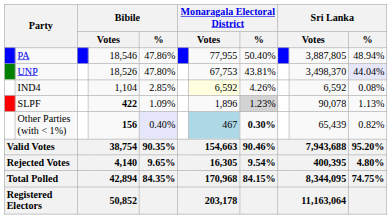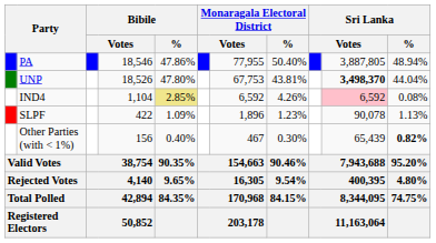 <table class="wikitable">
 <tr>
 <th colspan="2" width="144px"rowspan="2">Party</th>
 <th colspan="3" width="216px">Bibile</th>
 <th colspan="3" width="216px"><a href='#'>Monaragala Electoral District</a></th>
 <th colspan="3" width="216px">Sri Lanka</th>
 </tr>
 <tr>
 <th colspan="2" width="144px">Votes</th>
 <th>%</th>
 <th colspan="2" width="144px">Votes</th>
 <th>%</th>
 <th colspan="2" width="144px">Votes</th>
 <th>%</th>
 </tr>
 <tr>
 <td style="background-color:blue;" width="10px"></td>
 <td style="text-align:left;"><a href='#'>PA</a></td>
 <td style="background-color:blue;" width="10px"></td>
 <td style="text-align:right;">18,546</td>
 <td style="text-align:right;">47.86%</td>
 <td style="background-color:blue;" width="10px"></td>
 <td style="text-align:right;">77,955</td>
 <td style="text-align:right;">50.40%</td>
 <td style="background-color:blue;" width="10px"></td>
 <td style="text-align:right;">3,887,805</td>
 <td style="text-align:right;">48.94%</td>
 </tr>
 <tr>
 <td style="background-color:green;" width="10px"></td>
 <td style="text-align:left;"><a href='#'>UNP</a></td>
 <td style="background-color:white;" width="10px"></td>
 <td style="text-align:right;">18,526</td>
 <td style="text-align:right;">47.80%</td>
 <td style="background-color:white;" width="10px"></td>
 <td style="text-align:right;">67,753</td>
 <td style="text-align:right;">43.81%</td>
 <td style="background-color:white;" width="10px"></td>
-<td style="text-align:right;">3,498,370</td>
-<td style="background: lavender; text-align:right;">44.04%</td>
+<td style="text-align:right;"><strong>3,498,370</strong></td>
+<td style="text-align:right;">44.04%</td>
 </tr>
 <tr>
 <td style="background-color:white;" width="10px"></td>
 <td style="text-align:left;">IND4</td>
 <td style="background-color:white;" width="10px"></td>
 <td style="text-align:right;">1,104</td>
-<td style="text-align:right;">2.85%</td>
+<td style="background: khaki; text-align:right;">2.85%</td>
 <td style="background-color:white;" width="10px"></td>
-<td style="background: lightyellow; text-align:right;">6,592</td>
+<td style="text-align:right;">6,592</td>
 <td style="text-align:right;">4.26%</td>
 <td style="background-color:white;" width="10px"></td>
-<td style="text-align:right;">6,592</td>
+<td style="background: pink; text-align:right;">6,592</td>
 <td style="text-align:right;">0.08%</td>
 </tr>
 <tr>
 <td style="background-color:red;" width="10px"></td>
 <td style="text-align:left;">SLPF</td>
 <td style="background-color:white;" width="10px"></td>
-<td style="text-align:right;"><strong>422</strong></td>
+<td style="text-align:right;">422</td>
 <td style="text-align:right;">1.09%</td>
 <td style="background-color:white;" width="10px"></td>
 <td style="text-align:right;">1,896</td>
-<td style="background: lightgrey; text-align:right;">1.23%</td>
+<td style="text-align:right;">1.23%</td>
 <td style="background-color:white;" width="10px"></td>
 <td style="text-align:right;">90,078</td>
 <td style="text-align:right;">1.13%</td>
 </tr>
 <tr>
 <td style="background-color:white;" width="10px"></td>
 <td style="text-align:left;">Other Parties (with < 1%)</td>
 <td style="background-color:white;" width="10px"></td>
-<td style="text-align:right;"><strong>156</strong></td>
-<td style="background: lavender; text-align:right;">0.40%</td>
+<td style="text-align:right;">156</td>
+<td style="text-align:right;">0.40%</td>
 <td style="background-color:white;" width="10px"></td>
-<td style="background: lightblue; text-align:right;">467</td>
-<td style="text-align:right;"><strong>0.30%</strong></td>
+<td style="text-align:right;">467</td>
+<td style="text-align:right;">0.30%</td>
 <td style="background-color:white;" width="10px"></td>
 <td style="text-align:right;">65,439</td>
-<td style="text-align:right;">0.82%</td>
+<td style="text-align:right;"><strong>0.82%</strong></td>
 </tr>
 <tr>
 <th colspan="2" width="144px"style="text-align:left;">Valid Votes</th>
 <th style="text-align:right;"colspan="2" width="144px">38,754</th>
 <th style="text-align:right;">90.35%</th>
 <th style="text-align:right;"colspan="2" width="144px">154,663</th>
 <th style="text-align:right;">90.46%</th>
 <th style="text-align:right;"colspan="2" width="144px">7,943,688</th>
 <th style="text-align:right;">95.20%</th>
 </tr>
 <tr>
 <th colspan="2" width="144px"style="text-align:left;">Rejected Votes</th>
 <th style="text-align:right;"colspan="2" width="144px">4,140</th>
 <th style="text-align:right;">9.65%</th>
 <th style="text-align:right;"colspan="2" width="144px">16,305</th>
 <th style="text-align:right;">9.54%</th>
 <th style="text-align:right;"colspan="2" width="144px">400,395</th>
 <th style="text-align:right;">4.80%</th>
 </tr>
 <tr>
 <th colspan="2" width="144px"style="text-align:left;">Total Polled</th>
 <th style="text-align:right;"colspan="2" width="144px">42,894</th>
 <th style="text-align:right;">84.35%</th>
 <th style="text-align:right;"colspan="2" width="144px">170,968</th>
 <th style="text-align:right;">84.15%</th>
 <th style="text-align:right;"colspan="2" width="144px">8,344,095</th>
 <th style="text-align:right;">74.75%</th>
 </tr>
 <tr>
 <th colspan="2" width="144px"style="text-align:left;">Registered Electors</th>
 <th style="text-align:right;"colspan="2" width="144px">50,852</th>
 <th></th>
 <th style="text-align:right;"colspan="2" width="144px">203,178</th>
 <th></th>
 <th style="text-align:right;"colspan="2" width="144px">11,163,064</th>
 <th></th>
 </tr>
 </table>
